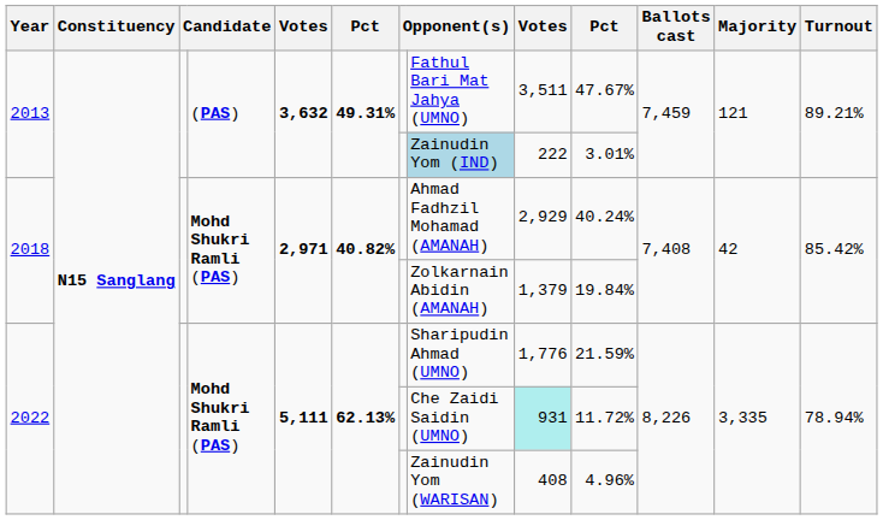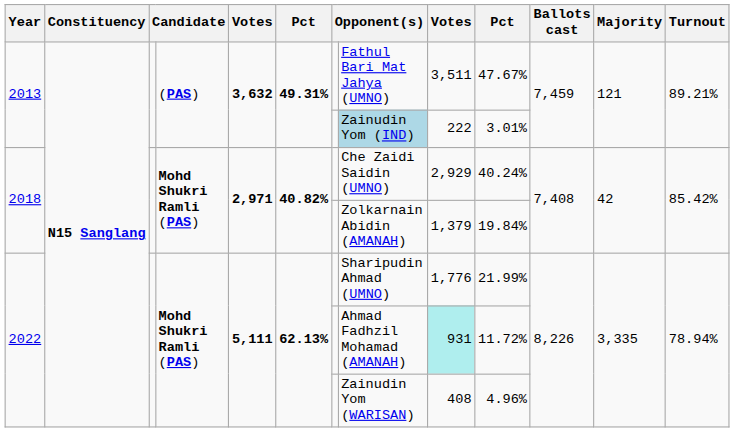 <table class="wikitable" style="margin:0.5em ; font-size:95%">
 <tr>
 <th>Year</th>
 <th>Constituency</th>
 <th colspan=2>Candidate</th>
 <th>Votes</th>
 <th>Pct</th>
 <th colspan=2>Opponent(s)</th>
 <th>Votes</th>
 <th>Pct</th>
 <th>Ballots cast</th>
 <th>Majority</th>
 <th>Turnout</th>
 </tr>
 <tr>
 <td rowspan=2><a href='#'>2013</a></td>
 <td rowspan="7"><strong>N15 <a href='#'>Sanglang</a></strong></td>
 <td rowspan=2 ></td>
 <td rowspan=2> (<a href='#'><strong>PAS</strong></a>)</td>
 <td rowspan=2 align="right"><strong>3,632</strong></td>
 <td rowspan=2><strong>49.31%</strong></td>
 <td></td>
 <td><a href='#'>Fathul Bari Mat Jahya</a> (<a href='#'>UMNO</a>)</td>
 <td align="right">3,511</td>
 <td>47.67%</td>
 <td rowspan=2>7,459</td>
 <td rowspan=2>121</td>
 <td rowspan=2>89.21%</td>
 </tr>
 <tr>
 <td></td>
 <td style="background: lightblue;">Zainudin Yom (<a href='#'>IND</a>)</td>
 <td align="right">222</td>
 <td align=right>3.01%</td>
 </tr>
 <tr>
 <td rowspan=2><a href='#'>2018</a></td>
 <td rowspan=2 ></td>
 <td rowspan=2><strong>Mohd Shukri Ramli</strong> (<a href='#'><strong>PAS</strong></a>)</td>
 <td rowspan=2 align="right"><strong>2,971</strong></td>
 <td rowspan=2><strong>40.82%</strong></td>
 <td></td>
-<td>Ahmad Fadhzil Mohamad (<a href='#'>AMANAH</a>)</td>
+<td>Che Zaidi Saidin (<a href='#'>UMNO</a>)</td>
 <td align="right">2,929</td>
 <td>40.24%</td>
 <td rowspan=2>7,408</td>
 <td rowspan=2>42</td>
 <td rowspan=2>85.42%</td>
 </tr>
 <tr>
 <td></td>
 <td>Zolkarnain Abidin (<a href='#'>AMANAH</a>)</td>
 <td align="right">1,379</td>
 <td>19.84%</td>
 </tr>
 <tr>
 <td rowspan="3"><a href='#'>2022</a></td>
 <td rowspan="3" bgcolor=></td>
 <td rowspan="3"><strong>Mohd Shukri Ramli</strong> (<a href='#'><strong>PAS</strong></a>)</td>
 <td rowspan="3" align=right><strong>5,111</strong></td>
 <td rowspan="3"><strong>62.13%</strong></td>
 <td></td>
 <td>Sharipudin Ahmad (<a href='#'>UMNO</a>)</td>
 <td align=right>1,776</td>
-<td>21.59%</td>
+<td>21.99%</td>
 <td rowspan="3">8,226</td>
 <td rowspan="3">3,335</td>
 <td rowspan="3">78.94%</td>
 </tr>
 <tr>
 <td></td>
-<td>Che Zaidi Saidin (<a href='#'>UMNO</a>)</td>
+<td>Ahmad Fadhzil Mohamad (<a href='#'>AMANAH</a>)</td>
 <td align="right" style="background: paleturquoise;">931</td>
 <td align="right">11.72%</td>
 </tr>
 <tr>
 <td></td>
 <td>Zainudin Yom (<a href='#'>WARISAN</a>)</td>
 <td align="right">408</td>
 <td align="right">4.96%</td>
 </tr>
 </table>
